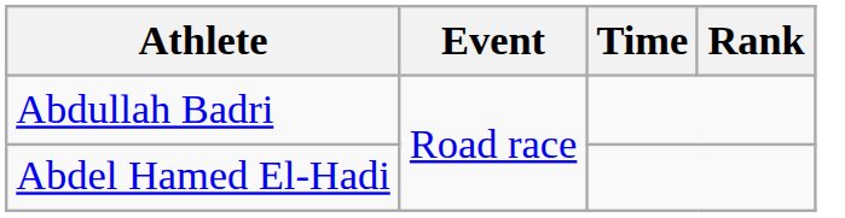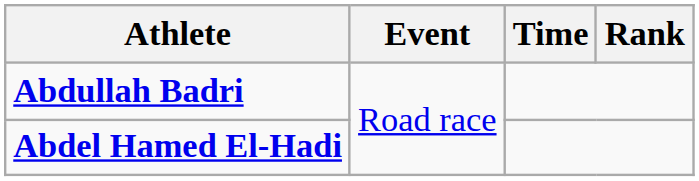 <table class="wikitable" style="font-size:90%">
 <tr>
 <th>Athlete</th>
 <th>Event</th>
 <th>Time</th>
 <th>Rank</th>
 </tr>
 <tr align=center>
-<td align=left><a href='#'>Abdullah Badri</a></td>
+<td align=left><strong><a href='#'>Abdullah Badri</a></strong></td>
 <td align=left rowspan=2><a href='#'>Road race</a></td>
 <td colspan=2></td>
 </tr>
 <tr align=center>
-<td align=left><a href='#'>Abdel Hamed El-Hadi</a></td>
+<td align=left><strong><a href='#'>Abdel Hamed El-Hadi</a></strong></td>
 <td colspan=2></td>
 </tr>
 </table>
